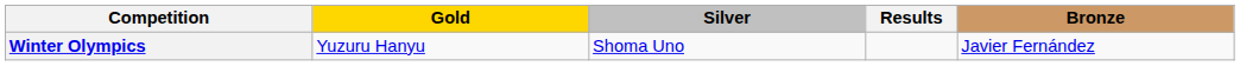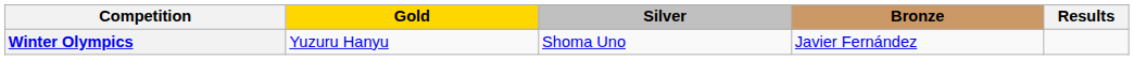 <table class="wikitable unsortable" style="text-align:left; width:90%">
 <tr>
 <th scope="col" style="text-align:center; width:25%;">Competition</th>
 <td scope="col" style="text-align:center; width:22.5%; background:gold"><strong>Gold</strong></td>
 <td scope="col" style="text-align:center; width:22.5%; background:silver"><strong>Silver</strong></td>
+<td scope="col" style="text-align:center; width:22.5%; background:#c96"><strong>Bronze</strong></td>
 <th scope="col" style="text-align:center; width:7.5%;">Results</th>
-<td scope="col" style="text-align:center; width:22.5%; background:#c96"><strong>Bronze</strong></td>
 </tr>
 <tr>
 <th scope="row" style="text-align:left"> <a href='#'>Winter Olympics</a></th>
 <td> <a href='#'>Yuzuru Hanyu</a></td>
 <td> <a href='#'>Shoma Uno</a></td>
+<td> <a href='#'>Javier Fernández</a></td>
 <td></td>
-<td> <a href='#'>Javier Fernández</a></td>
 </tr>
 </table>
